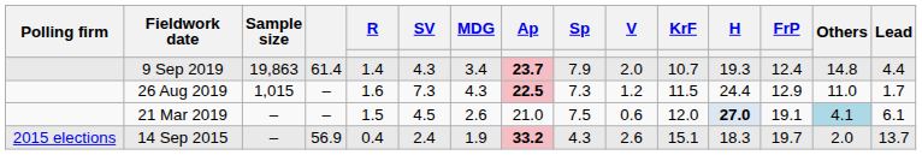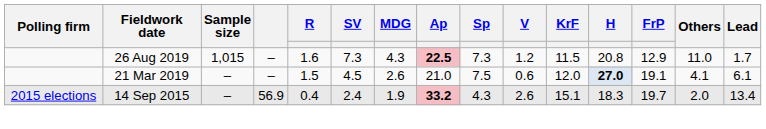 <table class="wikitable sortable" style="text-align:center;font-size:90%;line-height:14px;">
 <tr style="height:40px;">
 <th style="width:100px;" rowspan="2">Polling firm</th>
 <th style="width:100px;" rowspan="2">Fieldwork date</th>
 <th style="width:35px;" rowspan="2">Sample<br>size</th>
 <th style="width:30px;" rowspan="2"></th>
 <th class="unsortable" style="width:40px;"><a href='#'>R</a></th>
 <th class="unsortable" style="width:40px;"><a href='#'>SV</a></th>
 <th class="unsortable" style="width:40px;"><a href='#'>MDG</a></th>
 <th class="unsortable" style="width:40px;"><a href='#'>Ap</a></th>
 <th class="unsortable" style="width:40px;"><a href='#'>Sp</a></th>
 <th class="unsortable" style="width:40px;"><a href='#'>V</a></th>
 <th class="unsortable" style="width:40px;"><a href='#'>KrF</a></th>
 <th class="unsortable" style="width:40px;"><a href='#'>H</a></th>
 <th class="unsortable" style="width:40px;"><a href='#'>FrP</a></th>
 <th class="unsortable" style="width:30px;" rowspan="2">Others</th>
 <th style="width:30px;" rowspan="2">Lead</th>
 </tr>
 <tr>
 <th style="background:"></th>
 <th style="background:"></th>
 <th style="background:"></th>
 <th style="background:"></th>
 <th style="background:"></th>
 <th style="background:"></th>
 <th style="background:"></th>
 <th style="background:"></th>
 <th style="background:"></th>
 </tr>
-<tr style="background:#E9E9E9;">
-<td></td>
-<td data-sort-value="2019-09-09">9 Sep 2019</td>
-<td>19,863</td>
-<td>61.4</td>
-<td>1.4</td>
-<td>4.3</td>
-<td>3.4</td>
-<td style="background:#F7BDC5;"><strong>23.7</strong></td>
-<td>7.9</td>
-<td>2.0</td>
-<td>10.7</td>
-<td>19.3</td>
-<td>12.4</td>
-<td>14.8</td>
-<td style="background:">4.4</td>
-</tr>
 <tr>
 <td></td>
 <td data-sort-value="2019-08-28">26 Aug 2019</td>
 <td>1,015</td>
 <td>–</td>
 <td>1.6</td>
 <td>7.3</td>
 <td>4.3</td>
 <td style="background:#F7BDC5;"><strong>22.5</strong></td>
 <td>7.3</td>
 <td>1.2</td>
 <td>11.5</td>
-<td>24.4</td>
+<td>20.8</td>
 <td>12.9</td>
 <td>11.0</td>
 <td style="background:">1.7</td>
 </tr>
 <tr>
 <td></td>
 <td data-sort-value="2019-03-21">21 Mar 2019</td>
 <td>–</td>
 <td>–</td>
 <td>1.5</td>
 <td>4.5</td>
 <td>2.6</td>
 <td>21.0</td>
 <td>7.5</td>
 <td>0.6</td>
 <td>12.0</td>
 <td style="background:#DCE7F3;"><strong>27.0</strong></td>
 <td>19.1</td>
-<td style="background: lightblue;">4.1</td>
+<td>4.1</td>
 <td style="background:">6.1</td>
 </tr>
 <tr style="background:#E9E9E9;">
 <td><a href='#'>2015 elections</a></td>
 <td data-sort-value="2015-09-14">14 Sep 2015</td>
 <td>–</td>
 <td>56.9</td>
 <td>0.4</td>
 <td>2.4</td>
 <td>1.9</td>
 <td style="background:#F7BDC5;"><strong>33.2</strong></td>
 <td>4.3</td>
 <td>2.6</td>
 <td>15.1</td>
 <td>18.3</td>
 <td>19.7</td>
 <td>2.0</td>
-<td style="background:">13.7</td>
+<td style="background:">13.4</td>
 </tr>
 </table>
